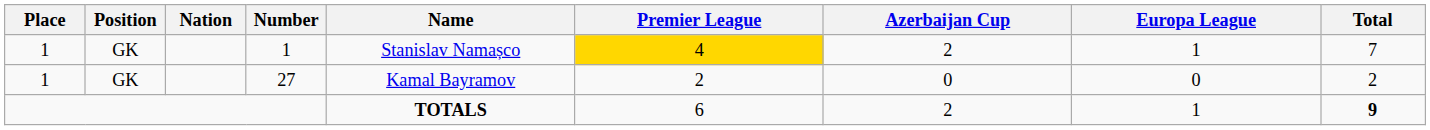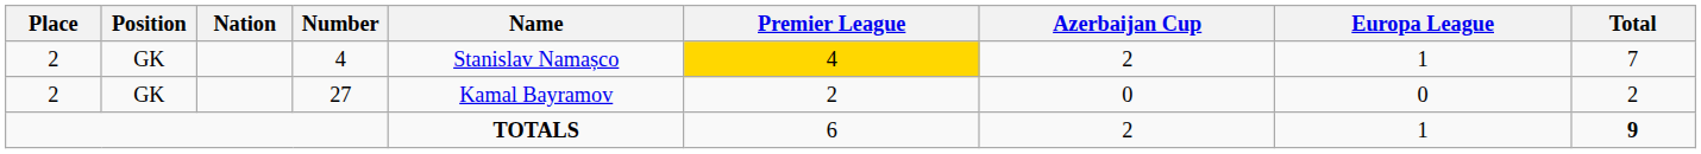 <table class="wikitable" style="font-size: 95%; text-align: center;">
 <tr>
 <th width=60>Place</th>
 <th width=60>Position</th>
 <th width=60>Nation</th>
 <th width=60>Number</th>
 <th width=200>Name</th>
 <th width=200><a href='#'>Premier League</a></th>
 <th width=200><a href='#'>Azerbaijan Cup</a></th>
 <th width=200><a href='#'>Europa League</a></th>
 <th width=80><strong>Total</strong></th>
 </tr>
 <tr>
-<td>1</td>
+<td>2</td>
 <td>GK</td>
 <td></td>
-<td>1</td>
+<td>4</td>
 <td><a href='#'>Stanislav Namașco</a></td>
 <td style="background: gold;">4</td>
 <td>2</td>
 <td>1</td>
 <td>7</td>
 </tr>
 <tr>
-<td>1</td>
+<td>2</td>
 <td>GK</td>
 <td></td>
 <td>27</td>
 <td><a href='#'>Kamal Bayramov</a></td>
 <td>2</td>
 <td>0</td>
 <td>0</td>
 <td>2</td>
 </tr>
 <tr>
 <td colspan="4"></td>
 <td><strong>TOTALS</strong></td>
 <td>6</td>
 <td>2</td>
 <td>1</td>
 <td><strong>9</strong></td>
 </tr>
 </table>
